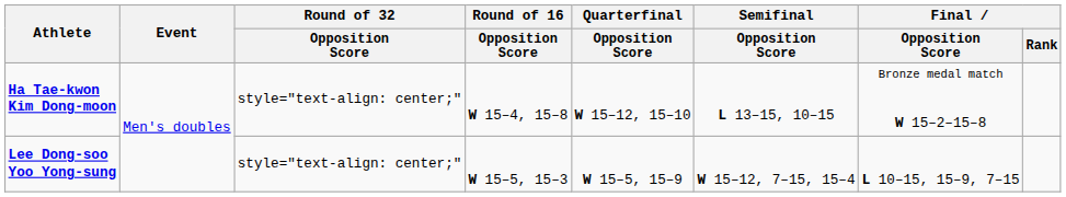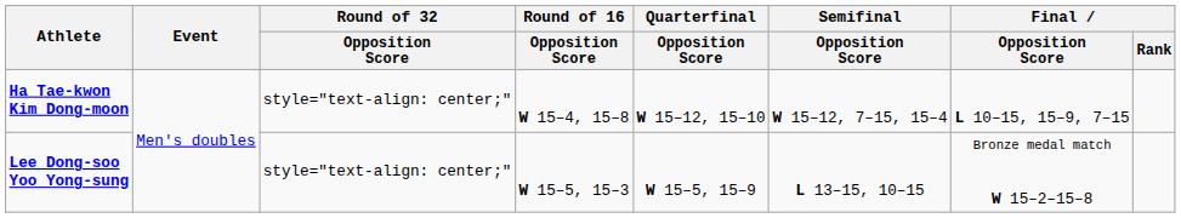 <table class=wikitable style="font-size:90%">
 <tr>
 <th rowspan="2">Athlete</th>
 <th rowspan="2">Event</th>
 <th>Round of 32</th>
 <th>Round of 16</th>
 <th>Quarterfinal</th>
 <th>Semifinal</th>
 <th colspan=2>Final / </th>
 </tr>
 <tr style="font-size:95%">
 <th>Opposition<br>Score</th>
 <th>Opposition<br>Score</th>
 <th>Opposition<br>Score</th>
 <th>Opposition<br>Score</th>
 <th>Opposition<br>Score</th>
 <th>Rank</th>
 </tr>
 <tr>
 <td style="text-align: left;"><strong><a href='#'>Ha Tae-kwon</a></strong><br> <strong><a href='#'>Kim Dong-moon</a></strong></td>
 <td rowspan=2 style="text-align: left;"><a href='#'>Men's doubles</a></td>
 <td>style="text-align: center;" </td>
 <td style="text-align: center;"><br><br><strong>W</strong> 15–4, 15–8</td>
 <td style="text-align: center;"><br><br><strong>W</strong> 15–12, 15–10</td>
-<td style="text-align: center;"><br><br><strong>L</strong> 13–15, 10–15</td>
-<td style="text-align: center;"><small>Bronze medal match</small><br><br><br><strong>W</strong> 15–2–15–8</td>
+<td style="text-align: center;"><br><br><strong>W</strong> 15–12, 7–15, 15–4</td>
+<td style="text-align: center;"><br><br><strong>L</strong> 10–15, 15–9, 7–15</td>
 <td style="text-align: center;"></td>
 </tr>
 <tr>
 <td style="text-align: left;"><strong><a href='#'>Lee Dong-soo</a></strong><br> <strong><a href='#'>Yoo Yong-sung</a></strong></td>
 <td>style="text-align: center;" </td>
 <td style="text-align: center;"><br><br><strong>W</strong> 15–5, 15–3</td>
 <td style="text-align: center;"><br><br><strong>W</strong> 15–5, 15–9</td>
-<td style="text-align: center;"><br><br><strong>W</strong> 15–12, 7–15, 15–4</td>
-<td style="text-align: center;"><br><br><strong>L</strong> 10–15, 15–9, 7–15</td>
+<td style="text-align: center;"><br><br><strong>L</strong> 13–15, 10–15</td>
+<td style="text-align: center;"><small>Bronze medal match</small><br><br><br><strong>W</strong> 15–2–15–8</td>
 <td style="text-align: center;"></td>
 </tr>
 </table>
